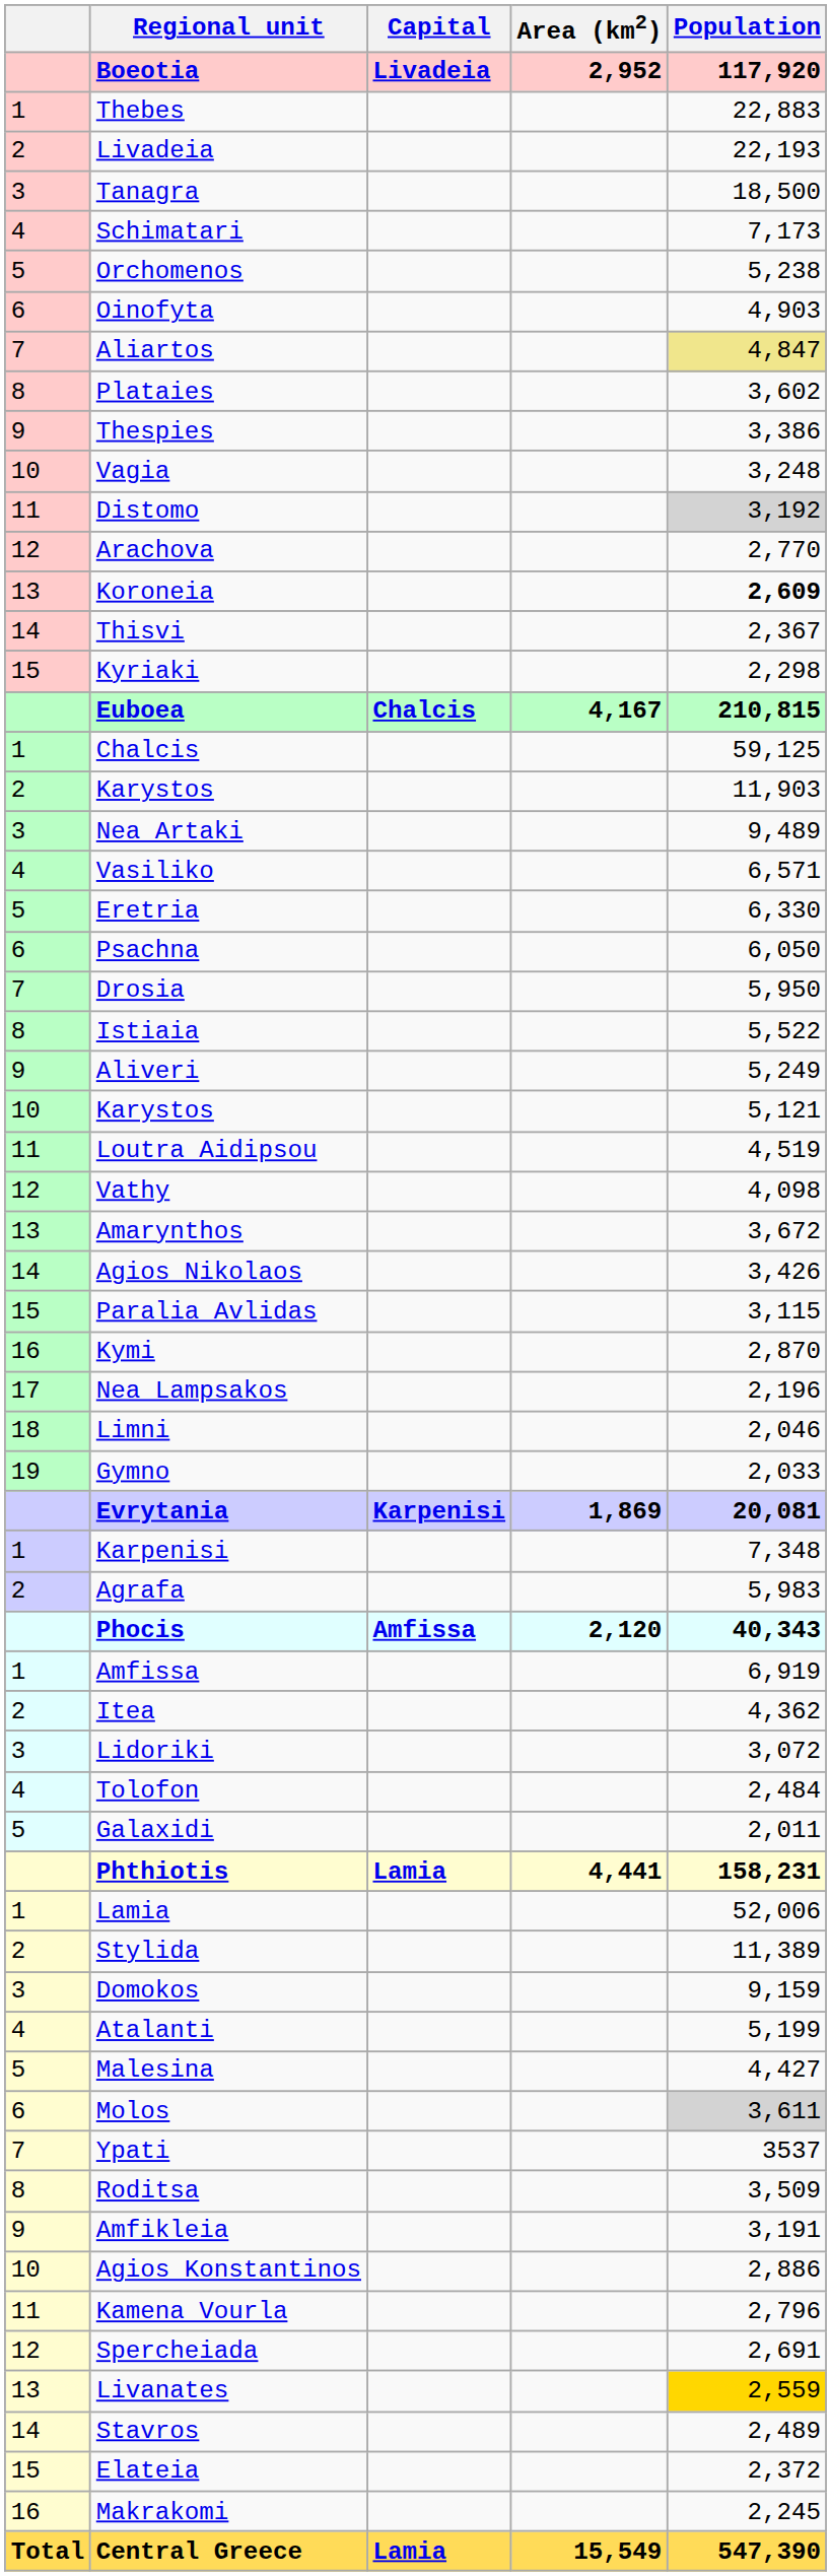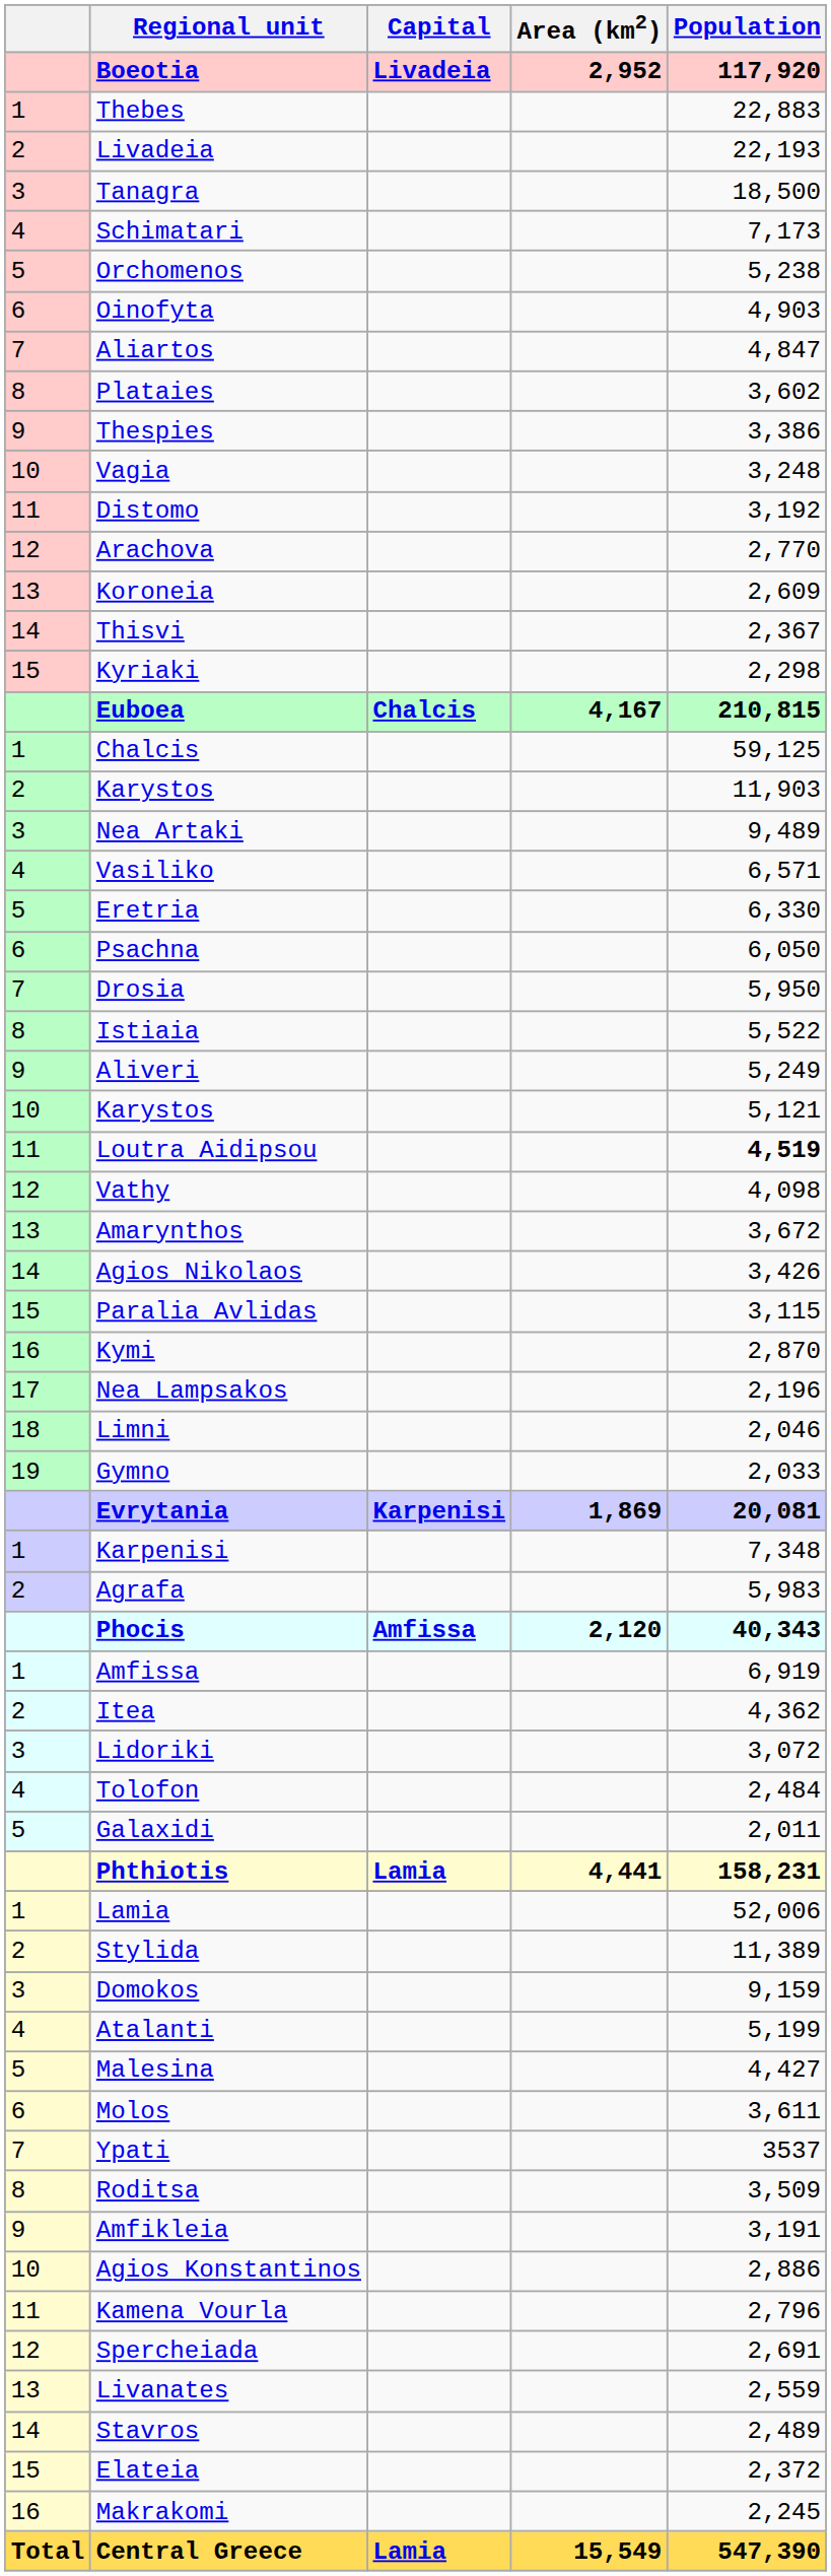 <table class="wikitable" style="text-align:left;">
 <tr style="font-size:100%; text-align:left">
 <th></th>
 <th><a href='#'>Regional unit</a></th>
 <th><a href='#'>Capital</a></th>
 <th>Area (km<sup>2</sup>)</th>
 <th><a href='#'>Population</a></th>
 </tr>
 <tr>
 <td bgcolor="#FFCBCB"></td>
 <td bgcolor="#FFCBCB"><strong><a href='#'>Boeotia</a></strong></td>
 <td bgcolor="#FFCBCB"><strong><a href='#'>Livadeia</a></strong></td>
 <td style="text-align:right" bgcolor="#FFCBCB"><strong>2,952</strong></td>
 <td style="text-align:right" bgcolor="#FFCBCB"><strong>117,920</strong></td>
 </tr>
 <tr>
 <td bgcolor="#FFCBCB">1</td>
 <td><a href='#'>Thebes</a></td>
 <td></td>
 <td></td>
 <td style="text-align:right">22,883</td>
 </tr>
 <tr>
 <td bgcolor="#FFCBCB">2</td>
 <td><a href='#'>Livadeia</a></td>
 <td></td>
 <td></td>
 <td style="text-align:right">22,193</td>
 </tr>
 <tr>
 <td bgcolor="#FFCBCB">3</td>
 <td><a href='#'>Tanagra</a></td>
 <td></td>
 <td></td>
 <td style="text-align:right">18,500</td>
 </tr>
 <tr>
 <td bgcolor="#FFCBCB">4</td>
 <td><a href='#'>Schimatari</a></td>
 <td></td>
 <td></td>
 <td style="text-align:right">7,173</td>
 </tr>
 <tr>
 <td bgcolor="#FFCBCB">5</td>
 <td><a href='#'>Orchomenos</a></td>
 <td></td>
 <td></td>
 <td style="text-align:right">5,238</td>
 </tr>
 <tr>
 <td bgcolor="#FFCBCB">6</td>
 <td><a href='#'>Oinofyta</a></td>
 <td></td>
 <td></td>
 <td style="text-align:right">4,903</td>
 </tr>
 <tr>
 <td bgcolor="#FFCBCB">7</td>
 <td><a href='#'>Aliartos</a></td>
 <td></td>
 <td></td>
-<td style="background: khaki; text-align:right">4,847</td>
+<td style="text-align:right">4,847</td>
 </tr>
 <tr>
 <td bgcolor="#FFCBCB">8</td>
 <td><a href='#'>Plataies</a></td>
 <td></td>
 <td></td>
 <td style="text-align:right">3,602</td>
 </tr>
 <tr>
 <td bgcolor="#FFCBCB">9</td>
 <td><a href='#'>Thespies</a></td>
 <td></td>
 <td></td>
 <td style="text-align:right">3,386</td>
 </tr>
 <tr>
 <td bgcolor="#FFCBCB">10</td>
 <td><a href='#'>Vagia</a></td>
 <td></td>
 <td></td>
 <td style="text-align:right">3,248</td>
 </tr>
 <tr>
 <td bgcolor="#FFCBCB">11</td>
 <td><a href='#'>Distomo</a></td>
 <td></td>
 <td></td>
-<td style="background: lightgrey; text-align:right">3,192</td>
+<td style="text-align:right">3,192</td>
 </tr>
 <tr>
 <td bgcolor="#FFCBCB">12</td>
 <td><a href='#'>Arachova</a></td>
 <td></td>
 <td></td>
 <td style="text-align:right">2,770</td>
 </tr>
 <tr>
 <td bgcolor="#FFCBCB">13</td>
 <td><a href='#'>Koroneia</a></td>
 <td></td>
 <td></td>
-<td style="text-align:right"><strong>2,609</strong></td>
+<td style="text-align:right">2,609</td>
 </tr>
 <tr>
 <td bgcolor="#FFCBCB">14</td>
 <td><a href='#'>Thisvi</a></td>
 <td></td>
 <td></td>
 <td style="text-align:right">2,367</td>
 </tr>
 <tr>
 <td bgcolor="#FFCBCB">15</td>
 <td><a href='#'>Kyriaki</a></td>
 <td></td>
 <td></td>
 <td style="text-align:right">2,298</td>
 </tr>
 <tr>
 <td bgcolor="#B9FFC5"></td>
 <td bgcolor="#B9FFC5"><strong><a href='#'>Euboea</a></strong></td>
 <td bgcolor="#B9FFC5"><strong><a href='#'>Chalcis</a></strong></td>
 <td style="text-align:right" bgcolor="#B9FFC5"><strong>4,167</strong></td>
 <td style="text-align:right" bgcolor="#B9FFC5"><strong>210,815</strong></td>
 </tr>
 <tr>
 <td bgcolor="#B9FFC5">1</td>
 <td><a href='#'>Chalcis</a></td>
 <td></td>
 <td></td>
 <td style="text-align:right">59,125</td>
 </tr>
 <tr>
 <td bgcolor="#B9FFC5">2</td>
 <td><a href='#'>Karystos</a></td>
 <td></td>
 <td></td>
 <td style="text-align:right">11,903</td>
 </tr>
 <tr>
 <td bgcolor="#B9FFC5">3</td>
 <td><a href='#'>Nea Artaki</a></td>
 <td></td>
 <td></td>
 <td style="text-align:right">9,489</td>
 </tr>
 <tr>
 <td bgcolor="#B9FFC5">4</td>
 <td><a href='#'>Vasiliko</a></td>
 <td></td>
 <td></td>
 <td style="text-align:right">6,571</td>
 </tr>
 <tr>
 <td bgcolor="#B9FFC5">5</td>
 <td><a href='#'>Eretria</a></td>
 <td></td>
 <td></td>
 <td style="text-align:right">6,330</td>
 </tr>
 <tr>
 <td bgcolor="#B9FFC5">6</td>
 <td><a href='#'>Psachna</a></td>
 <td></td>
 <td></td>
 <td style="text-align:right">6,050</td>
 </tr>
 <tr>
 <td bgcolor="#B9FFC5">7</td>
 <td><a href='#'>Drosia</a></td>
 <td></td>
 <td></td>
 <td style="text-align:right">5,950</td>
 </tr>
 <tr>
 <td bgcolor="#B9FFC5">8</td>
 <td><a href='#'>Istiaia</a></td>
 <td></td>
 <td></td>
 <td style="text-align:right">5,522</td>
 </tr>
 <tr>
 <td bgcolor="#B9FFC5">9</td>
 <td><a href='#'>Aliveri</a></td>
 <td></td>
 <td></td>
 <td style="text-align:right">5,249</td>
 </tr>
 <tr>
 <td bgcolor="#B9FFC5">10</td>
 <td><a href='#'>Karystos</a></td>
 <td></td>
 <td></td>
 <td style="text-align:right">5,121</td>
 </tr>
 <tr>
 <td bgcolor="#B9FFC5">11</td>
 <td><a href='#'>Loutra Aidipsou</a></td>
 <td></td>
 <td></td>
-<td style="text-align:right">4,519</td>
+<td style="text-align:right"><strong>4,519</strong></td>
 </tr>
 <tr>
 <td bgcolor="#B9FFC5">12</td>
 <td><a href='#'>Vathy</a></td>
 <td></td>
 <td></td>
 <td style="text-align:right">4,098</td>
 </tr>
 <tr>
 <td bgcolor="#B9FFC5">13</td>
 <td><a href='#'>Amarynthos</a></td>
 <td></td>
 <td></td>
 <td style="text-align:right">3,672</td>
 </tr>
 <tr>
 <td bgcolor="#B9FFC5">14</td>
 <td><a href='#'>Agios Nikolaos</a></td>
 <td></td>
 <td></td>
 <td style="text-align:right">3,426</td>
 </tr>
 <tr>
 <td bgcolor="#B9FFC5">15</td>
 <td><a href='#'>Paralia Avlidas</a></td>
 <td></td>
 <td></td>
 <td style="text-align:right">3,115</td>
 </tr>
 <tr>
 <td bgcolor="#B9FFC5">16</td>
 <td><a href='#'>Kymi</a></td>
 <td></td>
 <td></td>
 <td style="text-align:right">2,870</td>
 </tr>
 <tr>
 <td bgcolor="#B9FFC5">17</td>
 <td><a href='#'>Nea Lampsakos</a></td>
 <td></td>
 <td></td>
 <td style="text-align:right">2,196</td>
 </tr>
 <tr>
 <td bgcolor="#B9FFC5">18</td>
 <td><a href='#'>Limni</a></td>
 <td></td>
 <td></td>
 <td style="text-align:right">2,046</td>
 </tr>
 <tr>
 <td bgcolor="#B9FFC5">19</td>
 <td><a href='#'>Gymno</a></td>
 <td></td>
 <td></td>
 <td style="text-align:right">2,033</td>
 </tr>
 <tr>
 <td bgcolor="#CCCCFF"></td>
 <td bgcolor="#CCCCFF"><strong><a href='#'>Evrytania</a></strong></td>
 <td bgcolor="#CCCCFF"><strong><a href='#'>Karpenisi</a></strong></td>
 <td style="text-align:right" bgcolor="#CCCCFF"><strong>1,869</strong></td>
 <td style="text-align:right" bgcolor="#CCCCFF"><strong>20,081</strong></td>
 </tr>
 <tr>
 <td bgcolor="#CCCCFF">1</td>
 <td><a href='#'>Karpenisi</a></td>
 <td></td>
 <td></td>
 <td style="text-align:right">7,348</td>
 </tr>
 <tr>
 <td bgcolor="#CCCCFF">2</td>
 <td><a href='#'>Agrafa</a></td>
 <td></td>
 <td></td>
 <td style="text-align:right">5,983</td>
 </tr>
 <tr>
 <td bgcolor="#E0FFFF"></td>
 <td bgcolor="#E0FFFF"><strong><a href='#'>Phocis</a></strong></td>
 <td bgcolor="#E0FFFF"><strong><a href='#'>Amfissa</a></strong></td>
 <td style="text-align:right" bgcolor="#E0FFFF"><strong>2,120</strong></td>
 <td style="text-align:right" bgcolor="#E0FFFF"><strong>40,343</strong></td>
 </tr>
 <tr>
 <td bgcolor="#E0FFFF">1</td>
 <td><a href='#'>Amfissa</a></td>
 <td></td>
 <td></td>
 <td style="text-align:right">6,919</td>
 </tr>
 <tr>
 <td bgcolor="#E0FFFF">2</td>
 <td><a href='#'>Itea</a></td>
 <td></td>
 <td></td>
 <td style="text-align:right">4,362</td>
 </tr>
 <tr>
 <td bgcolor="#E0FFFF">3</td>
 <td><a href='#'>Lidoriki</a></td>
 <td></td>
 <td></td>
 <td style="text-align:right">3,072</td>
 </tr>
 <tr>
 <td bgcolor="#E0FFFF">4</td>
 <td><a href='#'>Tolofon</a></td>
 <td></td>
 <td></td>
 <td style="text-align:right">2,484</td>
 </tr>
 <tr>
 <td bgcolor="#E0FFFF">5</td>
 <td><a href='#'>Galaxidi</a></td>
 <td></td>
 <td></td>
 <td style="text-align:right">2,011</td>
 </tr>
 <tr>
 <td bgcolor="#FFFDD0"></td>
 <td bgcolor="#FFFDD0"><strong><a href='#'>Phthiotis</a></strong></td>
 <td bgcolor="#FFFDD0"><strong><a href='#'>Lamia</a></strong></td>
 <td style="text-align:right" bgcolor="#FFFDD0"><strong>4,441</strong></td>
 <td style="text-align:right" bgcolor="#FFFDD0"><strong>158,231</strong></td>
 </tr>
 <tr>
 <td bgcolor="#FFFDD0">1</td>
 <td><a href='#'>Lamia</a></td>
 <td></td>
 <td></td>
 <td style="text-align:right">52,006</td>
 </tr>
 <tr>
 <td bgcolor="#FFFDD0">2</td>
 <td><a href='#'>Stylida</a></td>
 <td></td>
 <td></td>
 <td style="text-align:right">11,389</td>
 </tr>
 <tr>
 <td bgcolor="#FFFDD0">3</td>
 <td><a href='#'>Domokos</a></td>
 <td></td>
 <td></td>
 <td style="text-align:right">9,159</td>
 </tr>
 <tr>
 <td bgcolor="#FFFDD0">4</td>
 <td><a href='#'>Atalanti</a></td>
 <td></td>
 <td></td>
 <td style="text-align:right">5,199</td>
 </tr>
 <tr>
 <td bgcolor="#FFFDD0">5</td>
 <td><a href='#'>Malesina</a></td>
 <td></td>
 <td></td>
 <td style="text-align:right">4,427</td>
 </tr>
 <tr>
 <td bgcolor="#FFFDD0">6</td>
 <td><a href='#'>Molos</a></td>
 <td></td>
 <td></td>
-<td style="background: lightgrey; text-align:right">3,611</td>
+<td style="text-align:right">3,611</td>
 </tr>
 <tr>
 <td bgcolor="#FFFDD0">7</td>
 <td><a href='#'>Ypati</a></td>
 <td></td>
 <td></td>
 <td style="text-align:right">3537</td>
 </tr>
 <tr>
 <td bgcolor="#FFFDD0">8</td>
 <td><a href='#'>Roditsa</a></td>
 <td></td>
 <td></td>
 <td style="text-align:right">3,509</td>
 </tr>
 <tr>
 <td bgcolor="#FFFDD0">9</td>
 <td><a href='#'>Amfikleia</a></td>
 <td></td>
 <td></td>
 <td style="text-align:right">3,191</td>
 </tr>
 <tr>
 <td bgcolor="#FFFDD0">10</td>
 <td><a href='#'>Agios Konstantinos</a></td>
 <td></td>
 <td></td>
 <td style="text-align:right">2,886</td>
 </tr>
 <tr>
 <td bgcolor="#FFFDD0">11</td>
 <td><a href='#'>Kamena Vourla</a></td>
 <td></td>
 <td></td>
 <td style="text-align:right">2,796</td>
 </tr>
 <tr>
 <td bgcolor="#FFFDD0">12</td>
 <td><a href='#'>Spercheiada</a></td>
 <td></td>
 <td></td>
 <td style="text-align:right">2,691</td>
 </tr>
 <tr>
 <td bgcolor="#FFFDD0">13</td>
 <td><a href='#'>Livanates</a></td>
 <td></td>
 <td></td>
-<td style="background: gold; text-align:right">2,559</td>
+<td style="text-align:right">2,559</td>
 </tr>
 <tr>
 <td bgcolor="#FFFDD0">14</td>
 <td><a href='#'>Stavros</a></td>
 <td></td>
 <td></td>
 <td style="text-align:right">2,489</td>
 </tr>
 <tr>
 <td bgcolor="#FFFDD0">15</td>
 <td><a href='#'>Elateia</a></td>
 <td></td>
 <td></td>
 <td style="text-align:right">2,372</td>
 </tr>
 <tr>
 <td bgcolor="#FFFDD0">16</td>
 <td><a href='#'>Makrakomi</a></td>
 <td></td>
 <td></td>
 <td style="text-align:right">2,245</td>
 </tr>
 <tr>
 <td bgcolor="#FFDB58"><strong>Total</strong></td>
 <td bgcolor="#FFDB58"><strong>Central Greece</strong></td>
 <td bgcolor="#FFDB58"><strong><a href='#'>Lamia</a></strong></td>
 <td style="text-align:right" bgcolor="#FFDB58"><strong>15,549</strong></td>
 <td style="text-align:right" bgcolor="#FFDB58"><strong>547,390</strong></td>
 </tr>
 </table>
